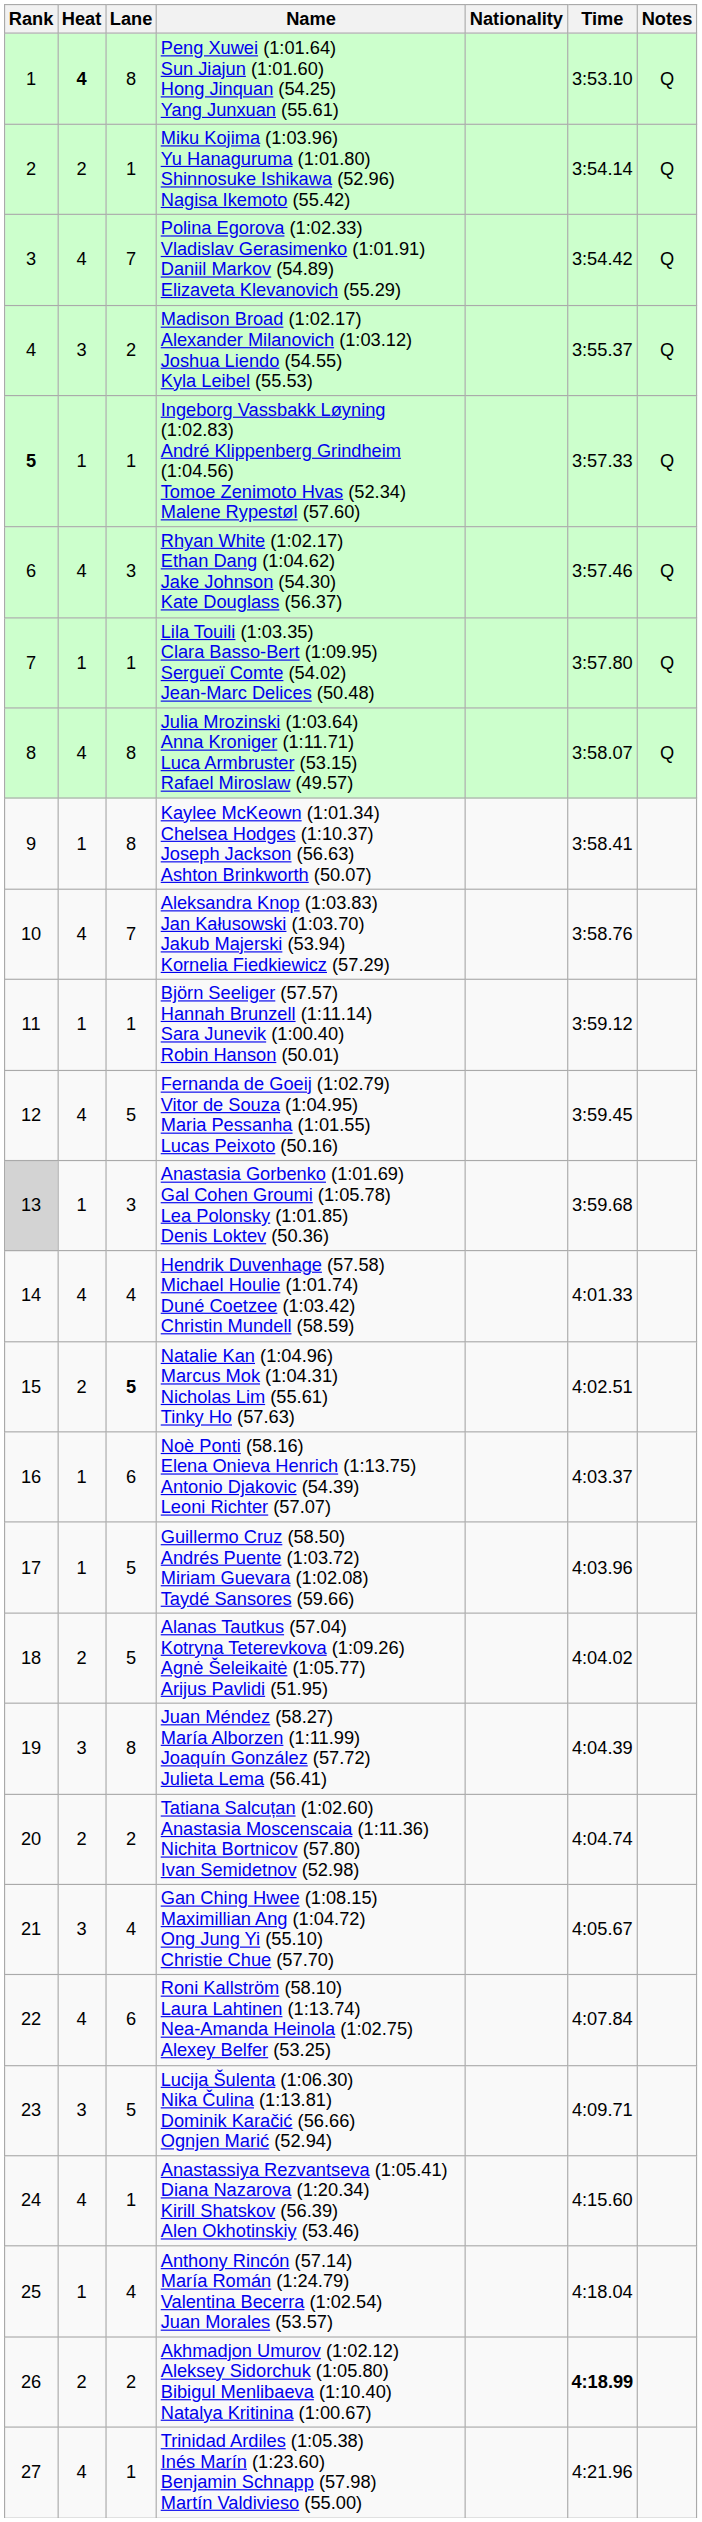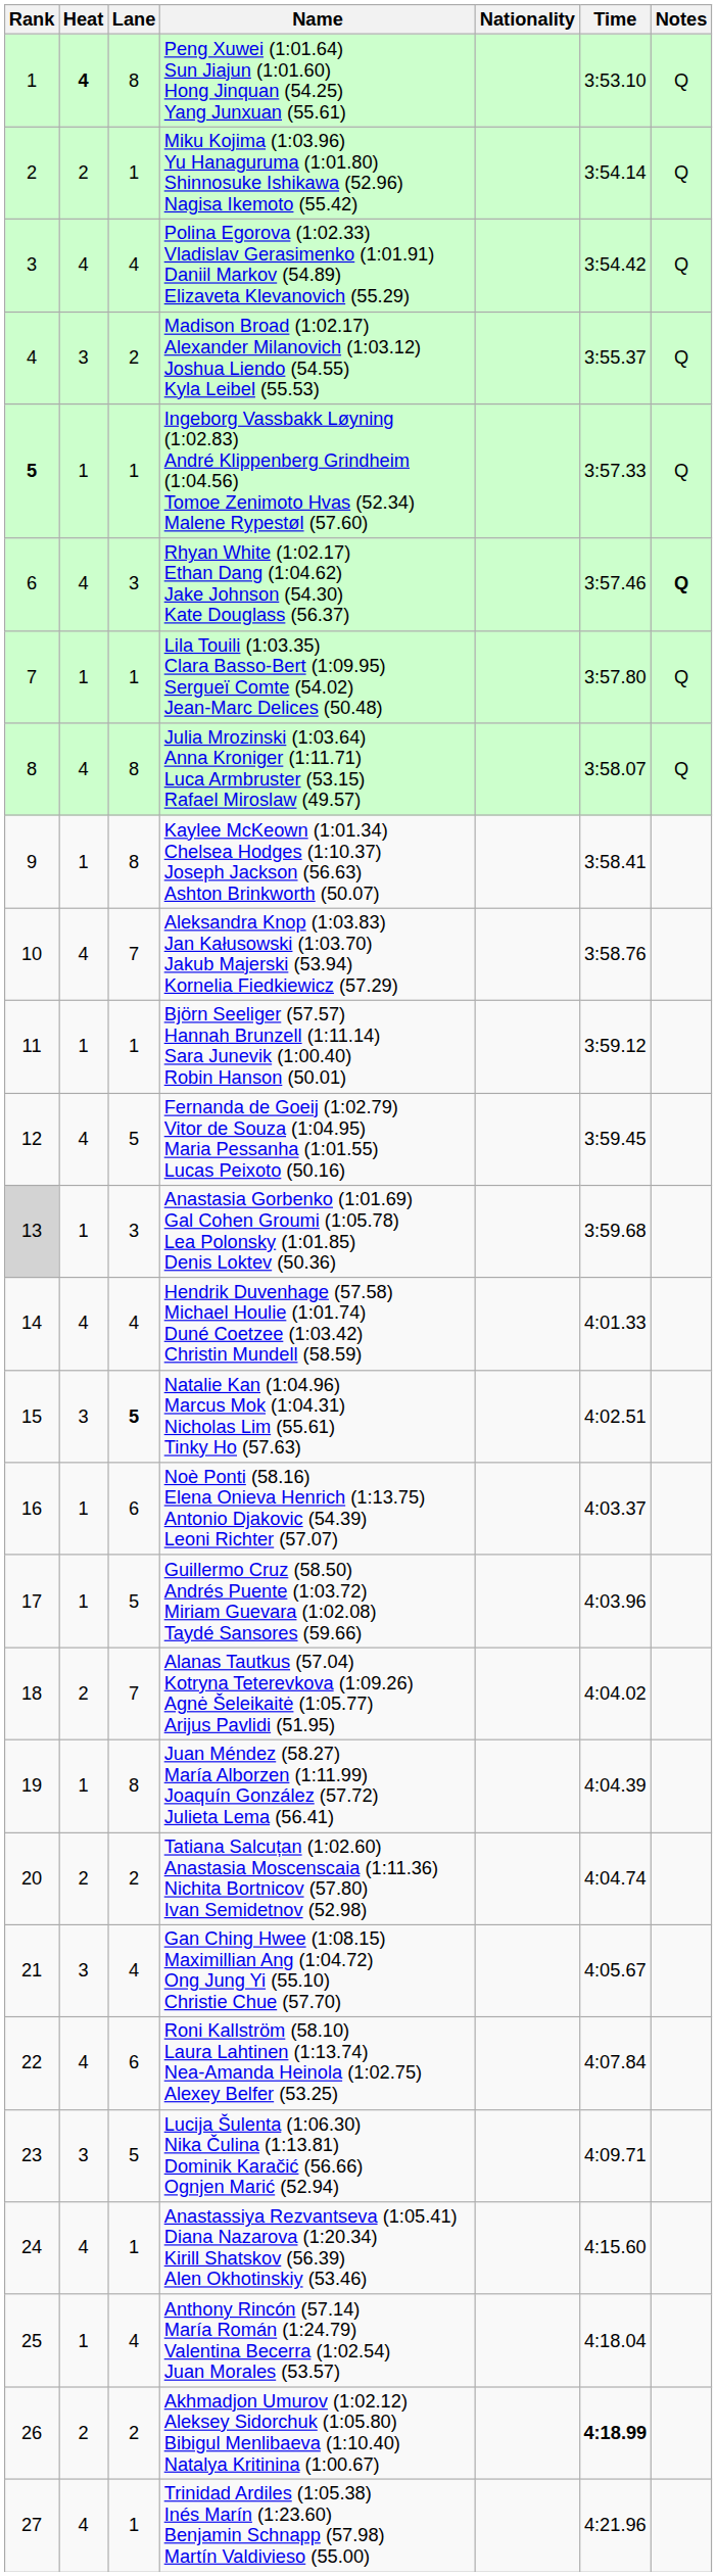 <table class="wikitable sortable" style="text-align:center">
 <tr>
 <th>Rank</th>
 <th>Heat</th>
 <th>Lane</th>
 <th>Name</th>
 <th>Nationality</th>
 <th>Time</th>
 <th>Notes</th>
 </tr>
 <tr bgcolor=ccffcc>
 <td>1</td>
 <td><strong>4</strong></td>
 <td>8</td>
 <td align=left><a href='#'>Peng Xuwei</a> (1:01.64)<br><a href='#'>Sun Jiajun</a> (1:01.60)<br><a href='#'>Hong Jinquan</a> (54.25)<br><a href='#'>Yang Junxuan</a> (55.61)</td>
 <td align=left></td>
 <td>3:53.10</td>
 <td>Q</td>
 </tr>
 <tr bgcolor=ccffcc>
 <td>2</td>
 <td>2</td>
 <td>1</td>
 <td align=left><a href='#'>Miku Kojima</a> (1:03.96)<br><a href='#'>Yu Hanaguruma</a> (1:01.80)<br><a href='#'>Shinnosuke Ishikawa</a> (52.96)<br><a href='#'>Nagisa Ikemoto</a> (55.42)</td>
 <td align=left></td>
 <td>3:54.14</td>
 <td>Q</td>
 </tr>
 <tr bgcolor=ccffcc>
 <td>3</td>
 <td>4</td>
-<td>7</td>
+<td>4</td>
 <td align=left><a href='#'>Polina Egorova</a> (1:02.33)<br><a href='#'>Vladislav Gerasimenko</a> (1:01.91)<br><a href='#'>Daniil Markov</a> (54.89)<br><a href='#'>Elizaveta Klevanovich</a> (55.29)</td>
 <td align=left></td>
 <td>3:54.42</td>
 <td>Q</td>
 </tr>
 <tr bgcolor=ccffcc>
 <td>4</td>
 <td>3</td>
 <td>2</td>
 <td align=left><a href='#'>Madison Broad</a> (1:02.17)<br><a href='#'>Alexander Milanovich</a> (1:03.12)<br><a href='#'>Joshua Liendo</a> (54.55)<br><a href='#'>Kyla Leibel</a> (55.53)</td>
 <td align=left></td>
 <td>3:55.37</td>
 <td>Q</td>
 </tr>
 <tr bgcolor=ccffcc>
 <td><strong>5</strong></td>
 <td>1</td>
 <td>1</td>
 <td align=left><a href='#'>Ingeborg Vassbakk Løyning</a> (1:02.83)<br><a href='#'>André Klippenberg Grindheim</a> (1:04.56)<br><a href='#'>Tomoe Zenimoto Hvas</a> (52.34)<br><a href='#'>Malene Rypestøl</a> (57.60)</td>
 <td align=left></td>
 <td>3:57.33</td>
 <td>Q</td>
 </tr>
 <tr bgcolor=ccffcc>
 <td>6</td>
 <td>4</td>
 <td>3</td>
 <td align=left><a href='#'>Rhyan White</a> (1:02.17)<br><a href='#'>Ethan Dang</a> (1:04.62)<br><a href='#'>Jake Johnson</a> (54.30)<br><a href='#'>Kate Douglass</a> (56.37)</td>
 <td align=left></td>
 <td>3:57.46</td>
-<td>Q</td>
+<td><strong>Q</strong></td>
 </tr>
 <tr bgcolor=ccffcc>
 <td>7</td>
 <td>1</td>
 <td>1</td>
 <td align=left><a href='#'>Lila Touili</a> (1:03.35)<br><a href='#'>Clara Basso-Bert</a> (1:09.95)<br><a href='#'>Sergueï Comte</a> (54.02)<br><a href='#'>Jean-Marc Delices</a> (50.48)</td>
 <td align=left></td>
 <td>3:57.80</td>
 <td>Q</td>
 </tr>
 <tr bgcolor=ccffcc>
 <td>8</td>
 <td>4</td>
 <td>8</td>
 <td align=left><a href='#'>Julia Mrozinski</a> (1:03.64)<br><a href='#'>Anna Kroniger</a> (1:11.71)<br><a href='#'>Luca Armbruster</a> (53.15)<br><a href='#'>Rafael Miroslaw</a> (49.57)</td>
 <td align=left></td>
 <td>3:58.07</td>
 <td>Q</td>
 </tr>
 <tr>
 <td>9</td>
 <td>1</td>
 <td>8</td>
 <td align=left><a href='#'>Kaylee McKeown</a> (1:01.34)<br><a href='#'>Chelsea Hodges</a> (1:10.37)<br><a href='#'>Joseph Jackson</a> (56.63)<br><a href='#'>Ashton Brinkworth</a> (50.07)</td>
 <td align=left></td>
 <td>3:58.41</td>
 <td></td>
 </tr>
 <tr>
 <td>10</td>
 <td>4</td>
 <td>7</td>
 <td align=left><a href='#'>Aleksandra Knop</a> (1:03.83)<br><a href='#'>Jan Kałusowski</a> (1:03.70)<br><a href='#'>Jakub Majerski</a> (53.94)<br><a href='#'>Kornelia Fiedkiewicz</a> (57.29)</td>
 <td align=left></td>
 <td>3:58.76</td>
 <td></td>
 </tr>
 <tr>
 <td>11</td>
 <td>1</td>
 <td>1</td>
 <td align=left><a href='#'>Björn Seeliger</a> (57.57)<br><a href='#'>Hannah Brunzell</a> (1:11.14)<br><a href='#'>Sara Junevik</a> (1:00.40)<br><a href='#'>Robin Hanson</a> (50.01)</td>
 <td align=left></td>
 <td>3:59.12</td>
 <td></td>
 </tr>
 <tr>
 <td>12</td>
 <td>4</td>
 <td>5</td>
 <td align=left><a href='#'>Fernanda de Goeij</a> (1:02.79)<br><a href='#'>Vitor de Souza</a> (1:04.95)<br><a href='#'>Maria Pessanha</a> (1:01.55)<br><a href='#'>Lucas Peixoto</a> (50.16)</td>
 <td align=left></td>
 <td>3:59.45</td>
 <td></td>
 </tr>
 <tr>
 <td style="background: lightgrey;">13</td>
 <td>1</td>
 <td>3</td>
 <td align=left><a href='#'>Anastasia Gorbenko</a> (1:01.69)<br><a href='#'>Gal Cohen Groumi</a> (1:05.78)<br><a href='#'>Lea Polonsky</a> (1:01.85)<br><a href='#'>Denis Loktev</a> (50.36)</td>
 <td align=left></td>
 <td>3:59.68</td>
 <td></td>
 </tr>
 <tr>
 <td>14</td>
 <td>4</td>
 <td>4</td>
 <td align=left><a href='#'>Hendrik Duvenhage</a> (57.58)<br><a href='#'>Michael Houlie</a> (1:01.74)<br><a href='#'>Duné Coetzee</a> (1:03.42)<br><a href='#'>Christin Mundell</a> (58.59)</td>
 <td align=left></td>
 <td>4:01.33</td>
 <td></td>
 </tr>
 <tr>
 <td>15</td>
-<td>2</td>
+<td>3</td>
 <td><strong>5</strong></td>
 <td align=left><a href='#'>Natalie Kan</a> (1:04.96)<br><a href='#'>Marcus Mok</a> (1:04.31)<br><a href='#'>Nicholas Lim</a> (55.61)<br><a href='#'>Tinky Ho</a> (57.63)</td>
 <td align=left></td>
 <td>4:02.51</td>
 <td></td>
 </tr>
 <tr>
 <td>16</td>
 <td>1</td>
 <td>6</td>
 <td align=left><a href='#'>Noè Ponti</a> (58.16)<br><a href='#'>Elena Onieva Henrich</a> (1:13.75)<br><a href='#'>Antonio Djakovic</a> (54.39)<br><a href='#'>Leoni Richter</a> (57.07)</td>
 <td align=left></td>
 <td>4:03.37</td>
 <td></td>
 </tr>
 <tr>
 <td>17</td>
 <td>1</td>
 <td>5</td>
 <td align=left><a href='#'>Guillermo Cruz</a> (58.50)<br><a href='#'>Andrés Puente</a> (1:03.72)<br><a href='#'>Miriam Guevara</a> (1:02.08)<br><a href='#'>Taydé Sansores</a> (59.66)</td>
 <td align=left></td>
 <td>4:03.96</td>
 <td></td>
 </tr>
 <tr>
 <td>18</td>
 <td>2</td>
-<td>5</td>
+<td>7</td>
 <td align=left><a href='#'>Alanas Tautkus</a> (57.04)<br><a href='#'>Kotryna Teterevkova</a> (1:09.26)<br><a href='#'>Agnė Šeleikaitė</a> (1:05.77)<br><a href='#'>Arijus Pavlidi</a> (51.95)</td>
 <td align=left></td>
 <td>4:04.02</td>
 <td></td>
 </tr>
 <tr>
 <td>19</td>
-<td>3</td>
+<td>1</td>
 <td>8</td>
 <td align=left><a href='#'>Juan Méndez</a> (58.27)<br><a href='#'>María Alborzen</a> (1:11.99)<br><a href='#'>Joaquín González</a> (57.72)<br><a href='#'>Julieta Lema</a> (56.41)</td>
 <td align=left></td>
 <td>4:04.39</td>
 <td></td>
 </tr>
 <tr>
 <td>20</td>
 <td>2</td>
 <td>2</td>
 <td align=left><a href='#'>Tatiana Salcuțan</a> (1:02.60)<br><a href='#'>Anastasia Moscenscaia</a> (1:11.36)<br><a href='#'>Nichita Bortnicov</a> (57.80)<br><a href='#'>Ivan Semidetnov</a> (52.98)</td>
 <td align=left></td>
 <td>4:04.74</td>
 <td></td>
 </tr>
 <tr>
 <td>21</td>
 <td>3</td>
 <td>4</td>
 <td align=left><a href='#'>Gan Ching Hwee</a> (1:08.15)<br><a href='#'>Maximillian Ang</a> (1:04.72)<br><a href='#'>Ong Jung Yi</a> (55.10)<br><a href='#'>Christie Chue</a> (57.70)</td>
 <td align=left></td>
 <td>4:05.67</td>
 <td></td>
 </tr>
 <tr>
 <td>22</td>
 <td>4</td>
 <td>6</td>
 <td align=left><a href='#'>Roni Kallström</a> (58.10)<br><a href='#'>Laura Lahtinen</a> (1:13.74)<br><a href='#'>Nea-Amanda Heinola</a> (1:02.75)<br><a href='#'>Alexey Belfer</a> (53.25)</td>
 <td align=left></td>
 <td>4:07.84</td>
 <td></td>
 </tr>
 <tr>
 <td>23</td>
 <td>3</td>
 <td>5</td>
 <td align=left><a href='#'>Lucija Šulenta</a> (1:06.30)<br><a href='#'>Nika Čulina</a> (1:13.81)<br><a href='#'>Dominik Karačić</a> (56.66)<br><a href='#'>Ognjen Marić</a> (52.94)</td>
 <td align=left></td>
 <td>4:09.71</td>
 <td></td>
 </tr>
 <tr>
 <td>24</td>
 <td>4</td>
 <td>1</td>
 <td align=left><a href='#'>Anastassiya Rezvantseva</a> (1:05.41)<br><a href='#'>Diana Nazarova</a> (1:20.34)<br><a href='#'>Kirill Shatskov</a> (56.39)<br><a href='#'>Alen Okhotinskiy</a> (53.46)</td>
 <td align=left></td>
 <td>4:15.60</td>
 <td></td>
 </tr>
 <tr>
 <td>25</td>
 <td>1</td>
 <td>4</td>
 <td align=left><a href='#'>Anthony Rincón</a> (57.14)<br><a href='#'>María Román</a> (1:24.79)<br><a href='#'>Valentina Becerra</a> (1:02.54)<br><a href='#'>Juan Morales</a> (53.57)</td>
 <td align=left></td>
 <td>4:18.04</td>
 <td></td>
 </tr>
 <tr>
 <td>26</td>
 <td>2</td>
 <td>2</td>
 <td align=left><a href='#'>Akhmadjon Umurov</a> (1:02.12)<br><a href='#'>Aleksey Sidorchuk</a> (1:05.80)<br><a href='#'>Bibigul Menlibaeva</a> (1:10.40)<br><a href='#'>Natalya Kritinina</a> (1:00.67)</td>
 <td align=left></td>
 <td><strong>4:18.99</strong></td>
 <td></td>
 </tr>
 <tr>
 <td>27</td>
 <td>4</td>
 <td>1</td>
 <td align=left><a href='#'>Trinidad Ardiles</a> (1:05.38)<br><a href='#'>Inés Marín</a> (1:23.60)<br><a href='#'>Benjamin Schnapp</a> (57.98)<br><a href='#'>Martín Valdivieso</a> (55.00)</td>
 <td align=left></td>
 <td>4:21.96</td>
 <td></td>
 </tr>
 </table>
